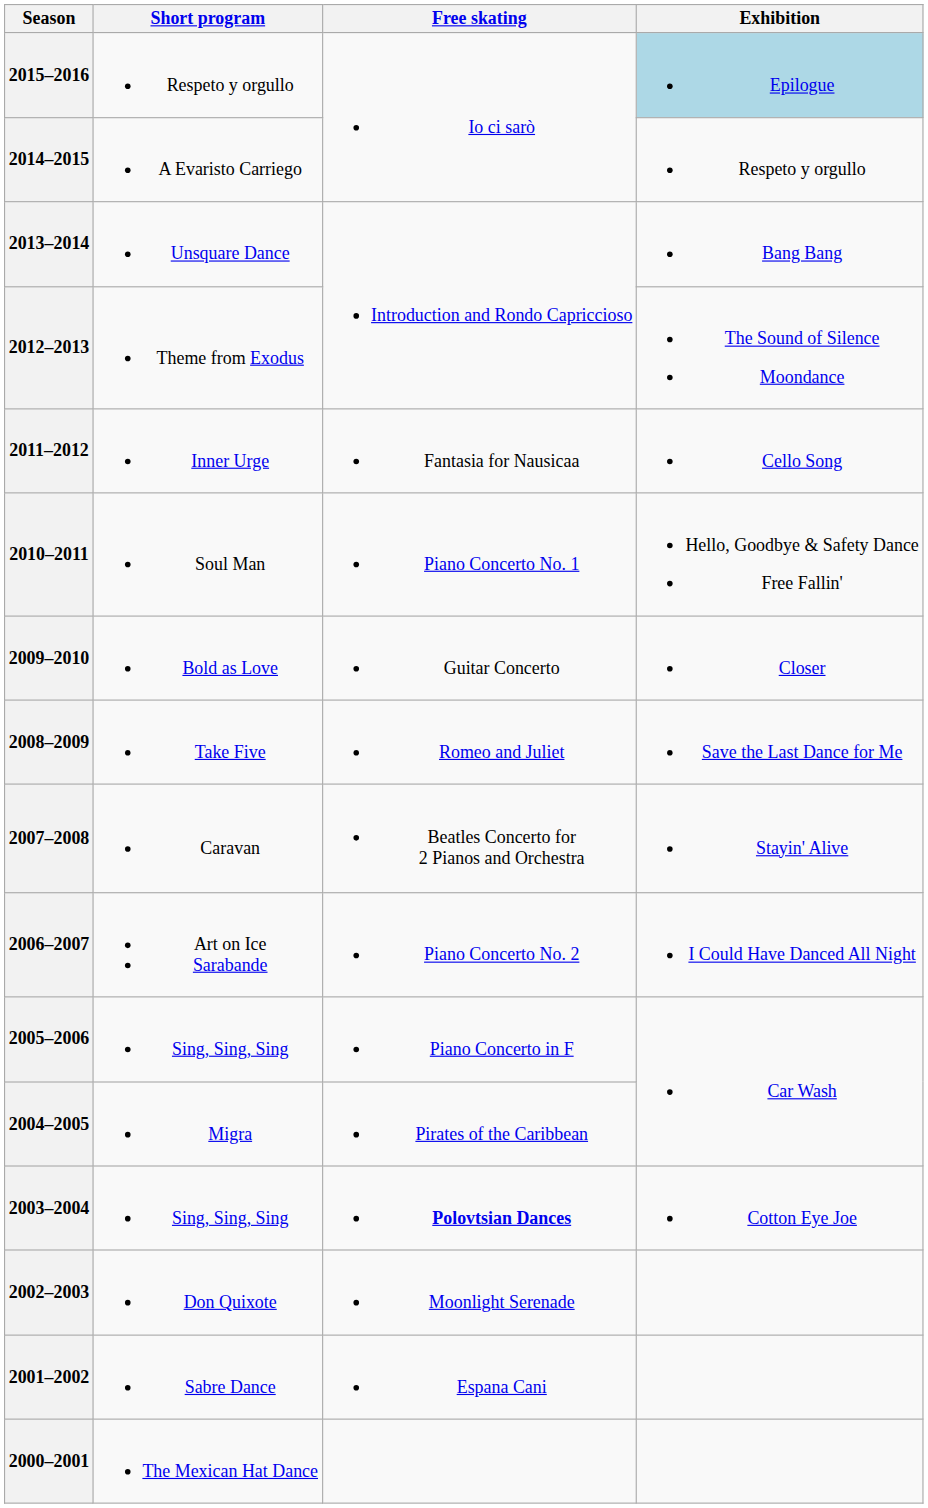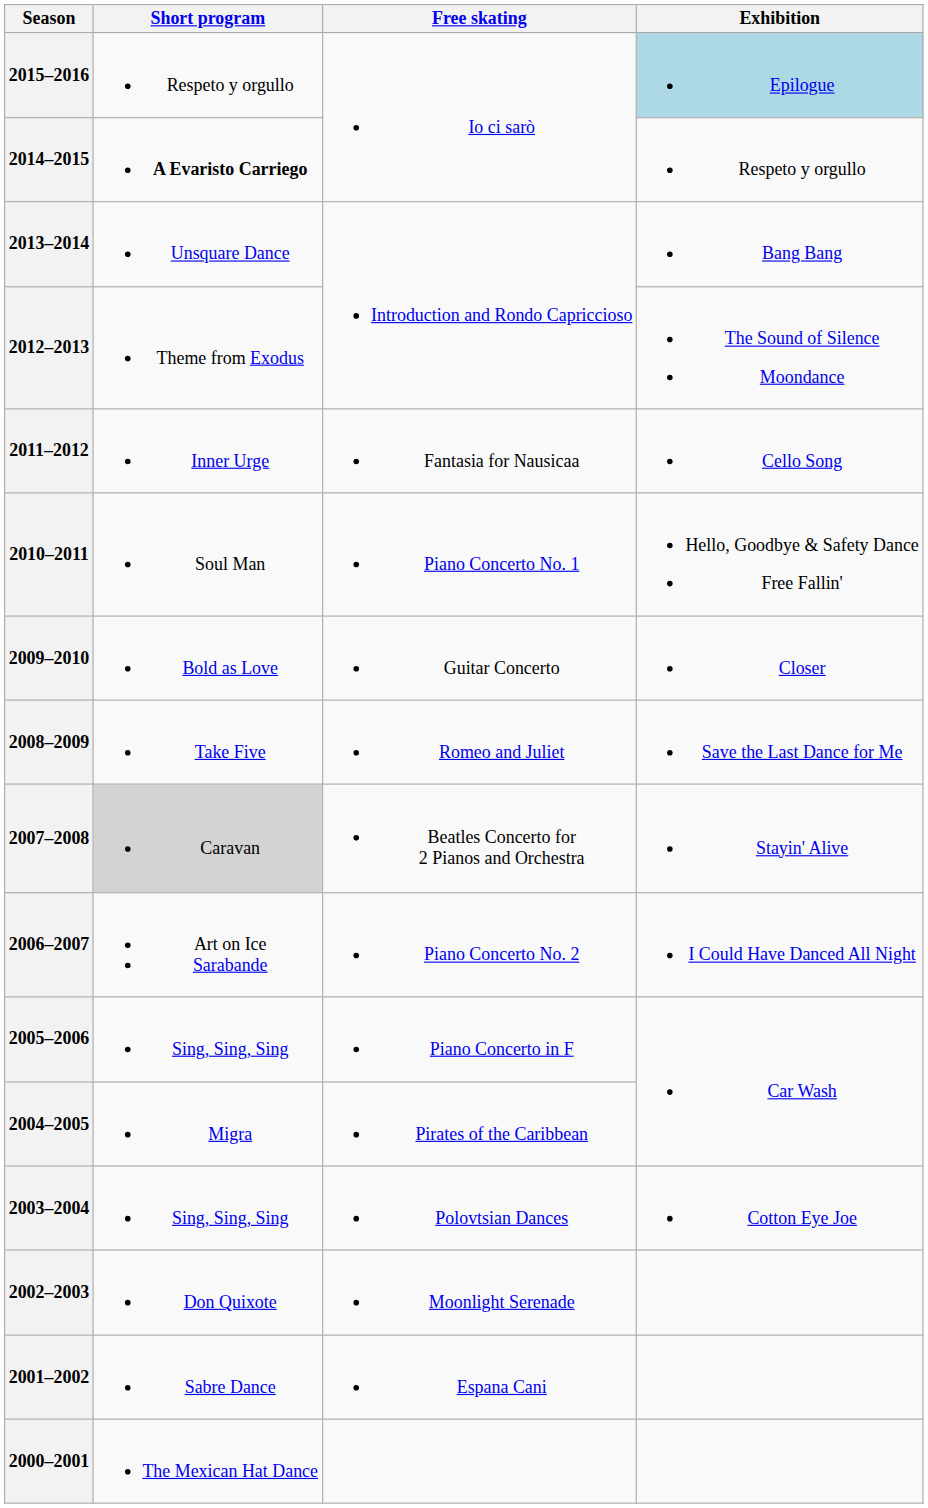 <table class="wikitable" style="text-align:center">
 <tr>
 <th>Season</th>
 <th><a href='#'>Short program</a></th>
 <th><a href='#'>Free skating</a></th>
 <th>Exhibition</th>
 </tr>
 <tr>
 <th>2015–2016 <br> </th>
 <td><br><ul><li>Respeto y orgullo <br></li></ul></td>
 <td rowspan=2><br><ul><li><a href='#'>Io ci sarò</a> <br></li></ul></td>
 <td style="background: lightblue;"><br><ul><li><a href='#'>Epilogue</a> <br></li></ul></td>
 </tr>
 <tr>
 <th>2014–2015 <br> </th>
-<td><br><ul><li>A Evaristo Carriego <br></li></ul></td>
+<td><strong><br><ul><li>A Evaristo Carriego <br></li></ul></strong></td>
 <td><br><ul><li>Respeto y orgullo <br></li></ul></td>
 </tr>
 <tr>
 <th>2013–2014 <br> </th>
 <td><br><ul><li><a href='#'>Unsquare Dance</a> <br></li></ul></td>
 <td rowspan=2><br><ul><li><a href='#'>Introduction and Rondo Capriccioso</a> <br></li></ul></td>
 <td><br><ul><li><a href='#'>Bang Bang</a> <br></li></ul></td>
 </tr>
 <tr>
 <th>2012–2013 <br> </th>
 <td><br><ul><li>Theme from <a href='#'>Exodus</a> <br></li></ul></td>
 <td><br><ul><li><a href='#'>The Sound of Silence</a> <br></li></ul><ul><li><a href='#'>Moondance</a> <br></li></ul></td>
 </tr>
 <tr>
 <th>2011–2012 <br> </th>
 <td><br><ul><li><a href='#'>Inner Urge</a> <br></li></ul></td>
 <td><br><ul><li>Fantasia for Nausicaa <br></li></ul></td>
 <td><br><ul><li><a href='#'>Cello Song</a> <br></li></ul></td>
 </tr>
 <tr>
 <th>2010–2011 <br> </th>
 <td><br><ul><li>Soul Man <br></li></ul></td>
 <td><br><ul><li><a href='#'>Piano Concerto No. 1</a> <br></li></ul></td>
 <td><br><ul><li>Hello, Goodbye & Safety Dance <br></li></ul><ul><li>Free Fallin' <br></li></ul></td>
 </tr>
 <tr>
 <th>2009–2010 <br> </th>
 <td><br><ul><li><a href='#'>Bold as Love</a> <br></li></ul></td>
 <td><br><ul><li>Guitar Concerto <br></li></ul></td>
 <td><br><ul><li><a href='#'>Closer</a> <br></li></ul></td>
 </tr>
 <tr>
 <th>2008–2009 <br> </th>
 <td><br><ul><li><a href='#'>Take Five</a> <br></li></ul></td>
 <td><br><ul><li><a href='#'>Romeo and Juliet</a> <br></li></ul></td>
 <td><br><ul><li><a href='#'>Save the Last Dance for Me</a> <br></li></ul></td>
 </tr>
 <tr>
 <th>2007–2008 <br> </th>
-<td><br><ul><li>Caravan <br></li></ul></td>
+<td style="background: lightgrey;"><br><ul><li>Caravan <br></li></ul></td>
 <td><br><ul><li>Beatles Concerto for<br> 2 Pianos and Orchestra　<br></li></ul></td>
 <td><br><ul><li><a href='#'>Stayin' Alive</a>　<br></li></ul></td>
 </tr>
 <tr>
 <th>2006–2007 <br> </th>
 <td><br><ul><li>Art on Ice</li><li><a href='#'>Sarabande</a> <br></li></ul></td>
 <td><br><ul><li><a href='#'>Piano Concerto No. 2</a> <br></li></ul></td>
 <td><br><ul><li><a href='#'>I Could Have Danced All Night</a> <br></li></ul></td>
 </tr>
 <tr>
 <th>2005–2006 <br> </th>
 <td><br><ul><li><a href='#'>Sing, Sing, Sing</a> <br></li></ul></td>
 <td><br><ul><li><a href='#'>Piano Concerto in F</a> <br></li></ul></td>
 <td rowspan=2><br><ul><li><a href='#'>Car Wash</a> <br></li></ul></td>
 </tr>
 <tr>
 <th>2004–2005 <br> </th>
 <td><br><ul><li><a href='#'>Migra</a> <br></li></ul></td>
 <td><br><ul><li><a href='#'>Pirates of the Caribbean</a> <br></li></ul></td>
 </tr>
 <tr>
 <th>2003–2004</th>
 <td><br><ul><li><a href='#'>Sing, Sing, Sing</a> <br></li></ul></td>
-<td><strong><br><ul><li><a href='#'>Polovtsian Dances</a><br></li></ul></strong></td>
+<td><br><ul><li><a href='#'>Polovtsian Dances</a><br></li></ul></td>
 <td><br><ul><li><a href='#'>Cotton Eye Joe</a> <br></li></ul></td>
 </tr>
 <tr>
 <th>2002–2003</th>
 <td><br><ul><li><a href='#'>Don Quixote</a> <br></li></ul></td>
 <td><br><ul><li><a href='#'>Moonlight Serenade</a> <br></li></ul></td>
 <td></td>
 </tr>
 <tr>
 <th>2001–2002</th>
 <td><br><ul><li><a href='#'>Sabre Dance</a> <br></li></ul></td>
 <td><br><ul><li><a href='#'>Espana Cani</a> <br></li></ul></td>
 <td></td>
 </tr>
 <tr>
 <th>2000–2001</th>
 <td><br><ul><li><a href='#'>The Mexican Hat Dance</a> <br></li></ul></td>
 <td></td>
 <td></td>
 </tr>
 </table>
